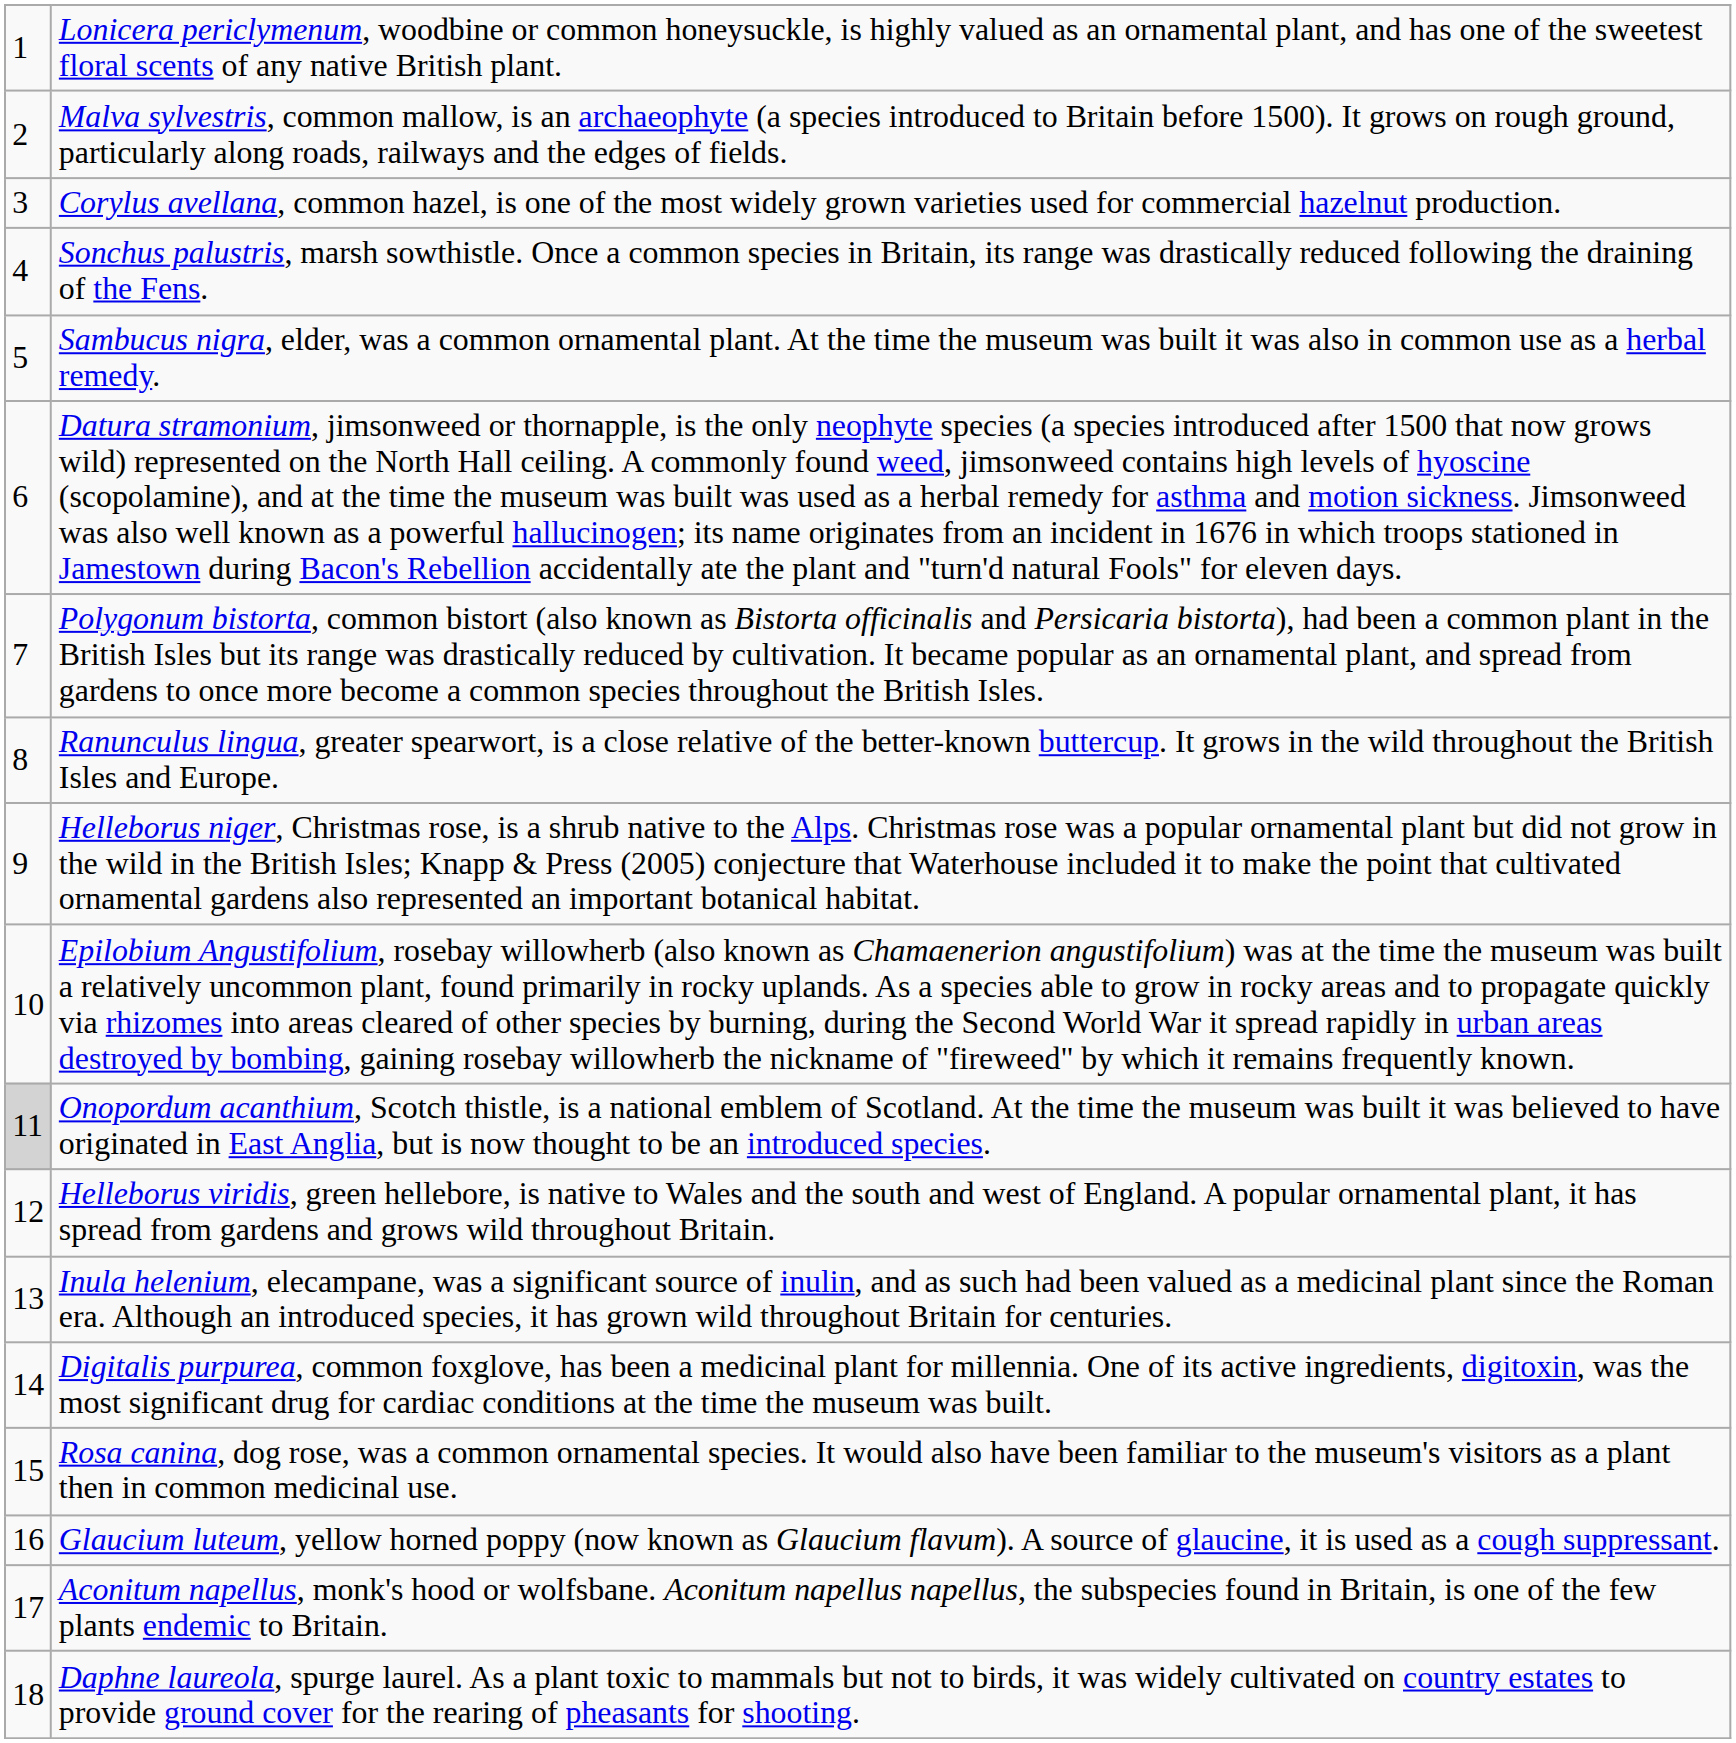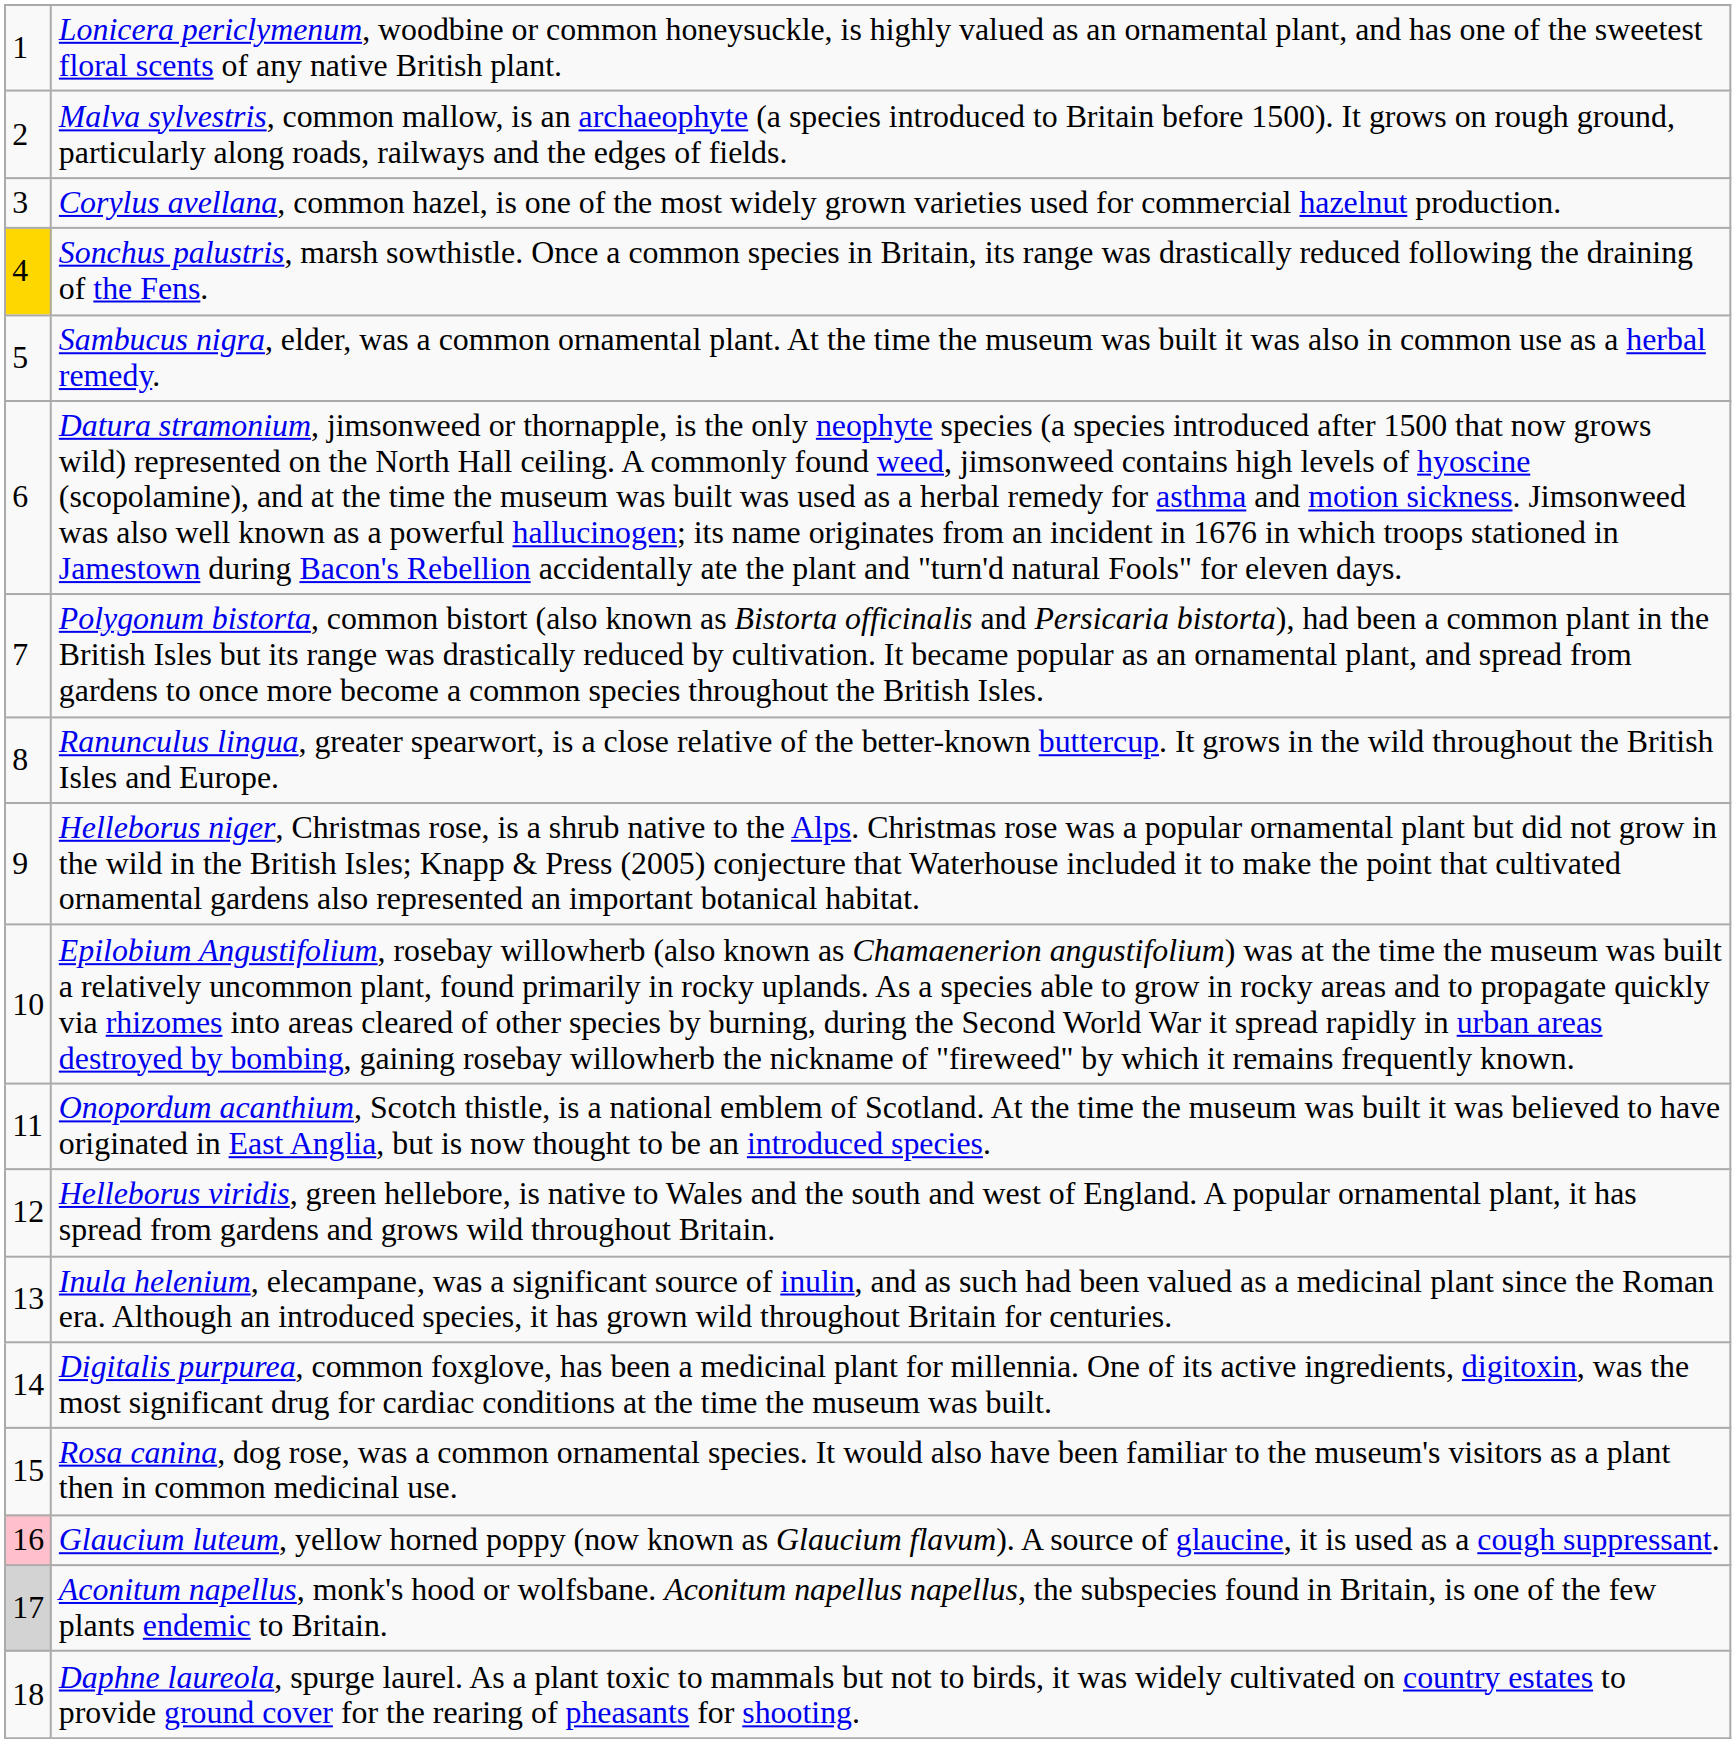 <table class="wikitable">
 <tr>
 <td>1</td>
 <td><em><a href='#'>Lonicera periclymenum</a></em>, woodbine or common honeysuckle, is highly valued as an ornamental plant, and has one of the sweetest <a href='#'>floral scents</a> of any native British plant.</td>
 </tr>
 <tr>
 <td>2</td>
 <td><em><a href='#'>Malva sylvestris</a></em>, common mallow, is an <a href='#'>archaeophyte</a> (a species introduced to Britain before 1500). It grows on rough ground, particularly along roads, railways and the edges of fields.</td>
 </tr>
 <tr>
 <td>3</td>
 <td><em><a href='#'>Corylus avellana</a></em>, common hazel, is one of the most widely grown varieties used for commercial <a href='#'>hazelnut</a> production.</td>
 </tr>
 <tr>
-<td>4</td>
+<td style="background: gold;">4</td>
 <td><em><a href='#'>Sonchus palustris</a></em>, marsh sowthistle. Once a common species in Britain, its range was drastically reduced following the draining of <a href='#'>the Fens</a>.</td>
 </tr>
 <tr>
 <td>5</td>
 <td><em><a href='#'>Sambucus nigra</a></em>, elder, was a common ornamental plant. At the time the museum was built it was also in common use as a <a href='#'>herbal remedy</a>.</td>
 </tr>
 <tr>
 <td>6</td>
 <td><em><a href='#'>Datura stramonium</a></em>, jimsonweed or thornapple, is the only <a href='#'>neophyte</a> species (a species introduced after 1500 that now grows wild) represented on the North Hall ceiling. A commonly found <a href='#'>weed</a>, jimsonweed contains high levels of <a href='#'>hyoscine</a> (scopolamine), and at the time the museum was built was used as a herbal remedy for <a href='#'>asthma</a> and <a href='#'>motion sickness</a>. Jimsonweed was also well known as a powerful <a href='#'>hallucinogen</a>; its name originates from an incident in 1676 in which troops stationed in <a href='#'>Jamestown</a> during <a href='#'>Bacon's Rebellion</a> accidentally ate the plant and "turn'd natural Fools" for eleven days.</td>
 </tr>
 <tr>
 <td>7</td>
 <td><em><a href='#'>Polygonum bistorta</a></em>, common bistort (also known as <em>Bistorta officinalis</em> and <em>Persicaria bistorta</em>), had been a common plant in the British Isles but its range was drastically reduced by cultivation. It became popular as an ornamental plant, and spread from gardens to once more become a common species throughout the British Isles.</td>
 </tr>
 <tr>
 <td>8</td>
 <td><a href='#'><em>Ranunculus lingua</em></a>, greater spearwort, is a close relative of the better-known <a href='#'>buttercup</a>. It grows in the wild throughout the British Isles and Europe.</td>
 </tr>
 <tr>
 <td>9</td>
 <td><em><a href='#'>Helleborus niger</a></em>, Christmas rose, is a shrub native to the <a href='#'>Alps</a>. Christmas rose was a popular ornamental plant but did not grow in the wild in the British Isles; Knapp & Press (2005) conjecture that Waterhouse included it to make the point that cultivated ornamental gardens also represented an important botanical habitat.</td>
 </tr>
 <tr>
 <td>10</td>
 <td><em><a href='#'>Epilobium Angustifolium</a></em>, rosebay willowherb (also known as <em>Chamaenerion angustifolium</em>) was at the time the museum was built a relatively uncommon plant, found primarily in rocky uplands. As a species able to grow in rocky areas and to propagate quickly via <a href='#'>rhizomes</a> into areas cleared of other species by burning, during the Second World War it spread rapidly in <a href='#'>urban areas destroyed by bombing</a>, gaining rosebay willowherb the nickname of "fireweed" by which it remains frequently known.</td>
 </tr>
 <tr>
-<td style="background: lightgrey;">11</td>
+<td>11</td>
 <td><em><a href='#'>Onopordum acanthium</a></em>, Scotch thistle, is a national emblem of Scotland. At the time the museum was built it was believed to have originated in <a href='#'>East Anglia</a>, but is now thought to be an <a href='#'>introduced species</a>.</td>
 </tr>
 <tr>
 <td>12</td>
 <td><em><a href='#'>Helleborus viridis</a></em>, green hellebore, is native to Wales and the south and west of England. A popular ornamental plant, it has spread from gardens and grows wild throughout Britain.</td>
 </tr>
 <tr>
 <td>13</td>
 <td><em><a href='#'>Inula helenium</a></em>, elecampane, was a significant source of <a href='#'>inulin</a>, and as such had been valued as a medicinal plant since the Roman era. Although an introduced species, it has grown wild throughout Britain for centuries.</td>
 </tr>
 <tr>
 <td>14</td>
 <td><em><a href='#'>Digitalis purpurea</a></em>, common foxglove, has been a medicinal plant for millennia. One of its active ingredients, <a href='#'>digitoxin</a>, was the most significant drug for cardiac conditions at the time the museum was built.</td>
 </tr>
 <tr>
 <td>15</td>
 <td><em><a href='#'>Rosa canina</a></em>, dog rose, was a common ornamental species. It would also have been familiar to the museum's visitors as a plant then in common medicinal use.</td>
 </tr>
 <tr>
-<td>16</td>
+<td style="background: pink;">16</td>
 <td><em><a href='#'>Glaucium luteum</a></em>, yellow horned poppy (now known as <em>Glaucium flavum</em>). A source of <a href='#'>glaucine</a>, it is used as a <a href='#'>cough suppressant</a>.</td>
 </tr>
 <tr>
-<td>17</td>
+<td style="background: lightgrey;">17</td>
 <td><em><a href='#'>Aconitum napellus</a></em>, monk's hood or wolfsbane. <em>Aconitum napellus napellus</em>, the subspecies found in Britain, is one of the few plants <a href='#'>endemic</a> to Britain.</td>
 </tr>
 <tr>
 <td style="white-space: nowrap;">18</td>
 <td><em><a href='#'>Daphne laureola</a></em>, spurge laurel. As a plant toxic to mammals but not to birds, it was widely cultivated on <a href='#'>country estates</a> to provide <a href='#'>ground cover</a> for the rearing of <a href='#'>pheasants</a> for <a href='#'>shooting</a>.</td>
 </tr>
 </table>
